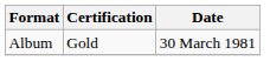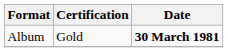 <table class="wikitable">
 <tr>
 <th>Format</th>
 <th>Certification</th>
 <th>Date</th>
 </tr>
 <tr>
 <td>Album</td>
 <td>Gold</td>
-<td>30 March 1981</td>
+<td><strong>30 March 1981</strong></td>
 </tr>
 <tr>
 </tr>
 </table>
